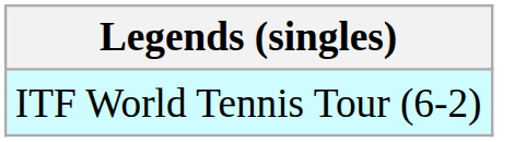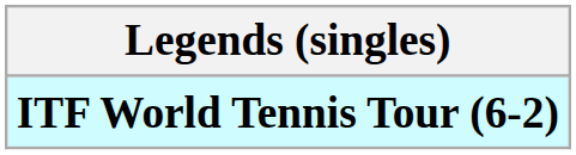 <table class="wikitable">
 <tr>
 <th>Legends (singles)</th>
 </tr>
 <tr>
-<td style="background:#cffcff;">ITF World Tennis Tour (6-2)</td>
+<td style="background:#cffcff;"><strong>ITF World Tennis Tour (6-2)</strong></td>
 </tr>
 </table>
